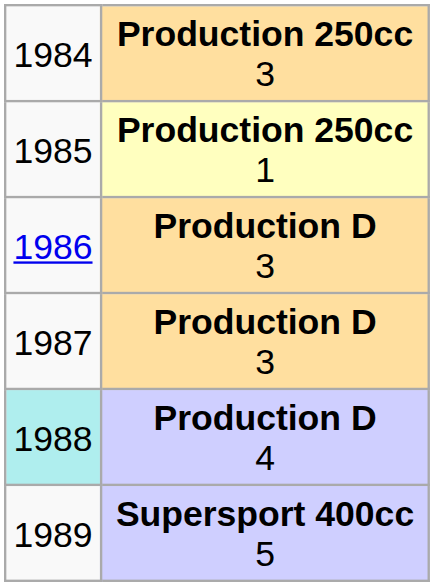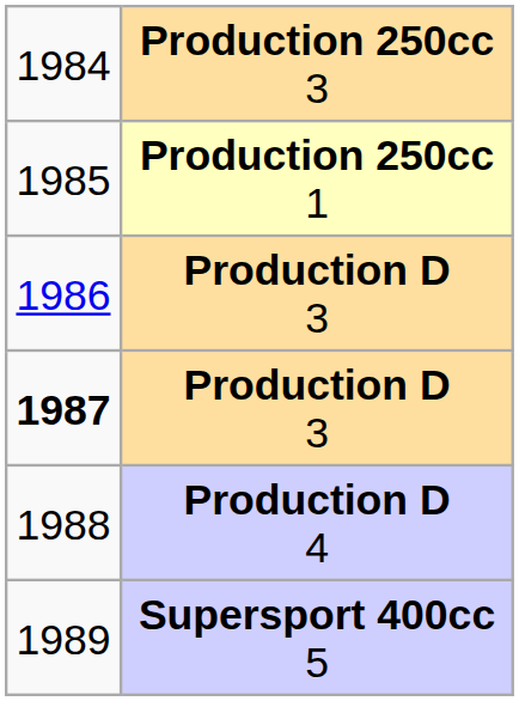 <table class="wikitable" style="font-size: 95%;">
 <tr>
 <td>1984</td>
 <td style="text-align:center; background:#ffdf9f; width:100pt;"><strong>Production 250cc</strong><br>3</td>
 </tr>
 <tr>
 <td>1985</td>
 <td style="text-align:center; background:#ffffbf; width:100pt;"><strong>Production 250cc</strong><br>1</td>
 </tr>
 <tr>
 <td><a href='#'>1986</a></td>
 <td style="text-align:center; background:#ffdf9f; width:100pt;"><strong>Production D</strong><br>3</td>
 </tr>
 <tr>
-<td>1987</td>
+<td><strong>1987</strong></td>
 <td style="text-align:center; background:#ffdf9f; width:100pt;"><strong>Production D</strong><br>3</td>
 </tr>
 <tr>
-<td style="background: paleturquoise;">1988</td>
+<td>1988</td>
 <td style="text-align:center; background:#cfcfff; width:100pt;"><strong>Production D</strong><br>4</td>
 </tr>
 <tr>
 <td>1989</td>
 <td style="text-align:center; background:#cfcfff; width:100pt;"><strong>Supersport 400cc</strong><br>5</td>
 </tr>
 </table>
